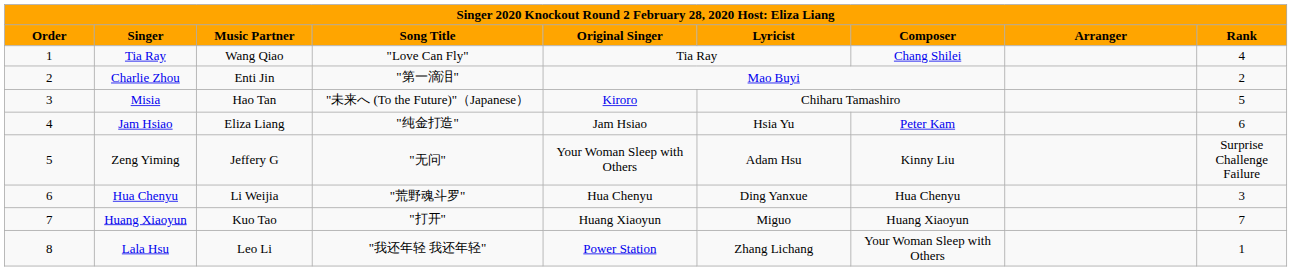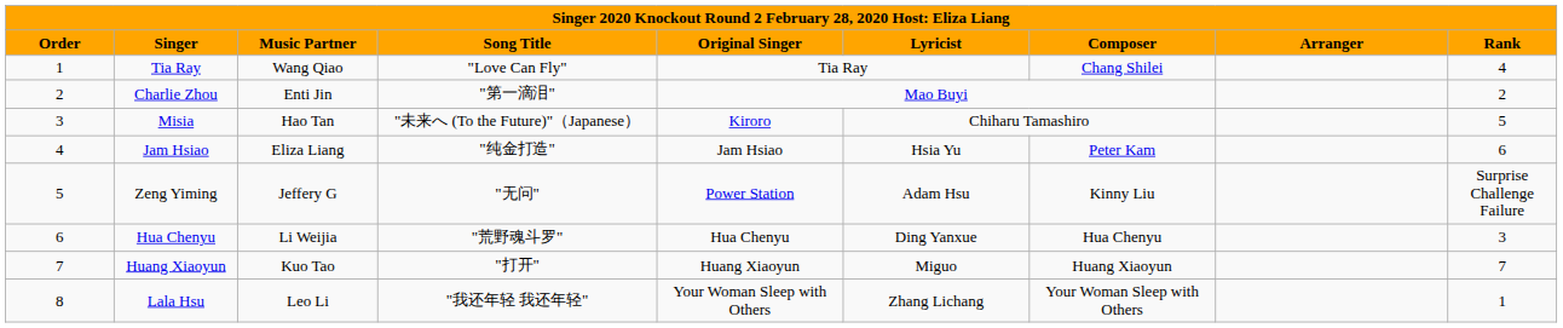 <table class="wikitable sortable mw-collapsible" width="100%" style="text-align:center">
 <tr align=center style="background:orange">
 <td colspan="9"><div><strong>Singer 2020 Knockout Round 2 February 28, 2020 Host: Eliza Liang</strong></div></td>
 </tr>
 <tr style="background:orange">
 <td style="width:7%"><strong>Order</strong></td>
 <td style="width:8%"><strong>Singer</strong></td>
 <td style="width:9%"><strong>Music Partner</strong></td>
 <td style="width:18%"><strong>Song Title</strong></td>
 <td style="width:12%"><strong>Original Singer</strong></td>
 <td style="width:12% "><strong>Lyricist</strong></td>
 <td style="width:12%"><strong>Composer</strong></td>
 <td style="width:15%"><strong>Arranger</strong></td>
 <td style="width:7%"><strong>Rank</strong></td>
 </tr>
 <tr>
 <td>1</td>
 <td><a href='#'>Tia Ray</a></td>
 <td>Wang Qiao</td>
 <td>"Love Can Fly"</td>
 <td colspan=2>Tia Ray</td>
 <td><a href='#'>Chang Shilei</a></td>
 <td></td>
 <td>4</td>
 </tr>
 <tr>
 <td>2</td>
 <td><a href='#'>Charlie Zhou</a></td>
 <td>Enti Jin</td>
 <td>"第一滴泪"</td>
 <td colspan=3><a href='#'>Mao Buyi</a></td>
 <td></td>
 <td>2</td>
 </tr>
 <tr>
 <td>3</td>
 <td><a href='#'>Misia</a></td>
 <td>Hao Tan</td>
 <td>"未来へ (To the Future)"（Japanese）</td>
 <td><a href='#'>Kiroro</a></td>
 <td colspan=2>Chiharu Tamashiro</td>
 <td></td>
 <td>5</td>
 </tr>
 <tr>
 <td>4</td>
 <td><a href='#'>Jam Hsiao</a></td>
 <td>Eliza Liang</td>
 <td>"纯金打造"</td>
 <td>Jam Hsiao</td>
 <td>Hsia Yu</td>
 <td><a href='#'>Peter Kam</a></td>
 <td></td>
 <td>6</td>
 </tr>
 <tr>
 <td>5</td>
 <td>Zeng Yiming</td>
 <td>Jeffery G</td>
 <td>"无问"</td>
-<td>Your Woman Sleep with Others</td>
+<td><a href='#'>Power Station</a></td>
 <td>Adam Hsu</td>
 <td>Kinny Liu</td>
 <td></td>
 <td>Surprise Challenge Failure</td>
 </tr>
 <tr>
 <td>6</td>
 <td><a href='#'>Hua Chenyu</a></td>
 <td>Li Weijia</td>
 <td>"荒野魂斗罗"</td>
 <td>Hua Chenyu</td>
 <td>Ding Yanxue</td>
 <td>Hua Chenyu</td>
 <td></td>
 <td>3</td>
 </tr>
 <tr>
 <td>7</td>
 <td><a href='#'>Huang Xiaoyun</a></td>
 <td>Kuo Tao</td>
 <td>"打开"</td>
 <td>Huang Xiaoyun</td>
 <td>Miguo</td>
 <td>Huang Xiaoyun</td>
 <td></td>
 <td>7</td>
 </tr>
 <tr>
 <td>8</td>
 <td><a href='#'>Lala Hsu</a></td>
 <td>Leo Li</td>
 <td>"我还年轻 我还年轻"</td>
-<td><a href='#'>Power Station</a></td>
+<td>Your Woman Sleep with Others</td>
 <td>Zhang Lichang</td>
 <td>Your Woman Sleep with Others</td>
 <td></td>
 <td>1</td>
 </tr>
 </table>
